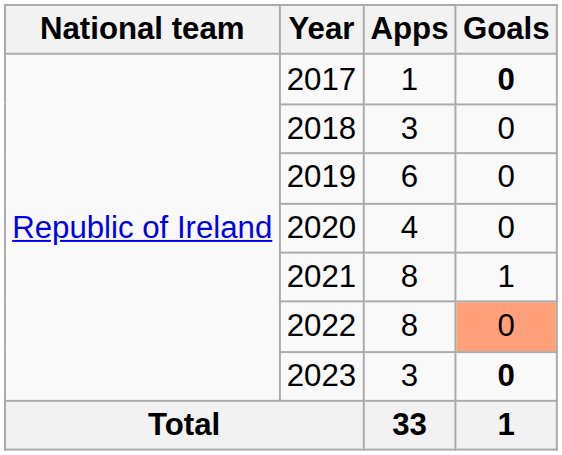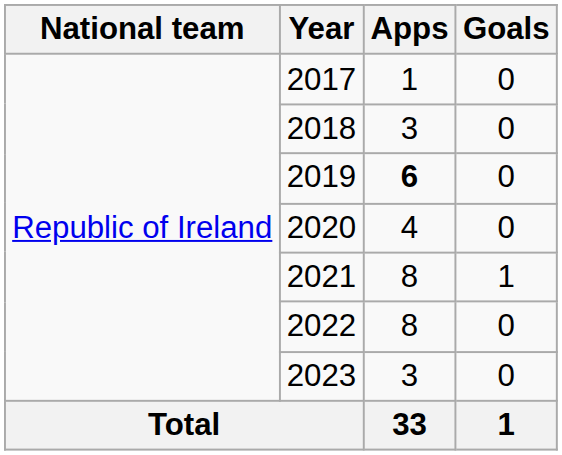 <table class="sortable wikitable" style="text-align:center">
 <tr>
 <th scope="col">National team</th>
 <th scope="col">Year</th>
 <th !scope="col">Apps</th>
 <th !scope="col">Goals</th>
 </tr>
 <tr>
 <td rowspan="7"><a href='#'>Republic of Ireland</a></td>
 <td scope="row">2017</td>
 <td>1</td>
-<td><strong>0</strong></td>
+<td>0</td>
 </tr>
 <tr>
 <td scope="row">2018</td>
 <td>3</td>
 <td>0</td>
 </tr>
 <tr>
 <td scope="row">2019</td>
-<td>6</td>
+<td><strong>6</strong></td>
 <td>0</td>
 </tr>
 <tr>
 <td scope="row">2020</td>
 <td>4</td>
 <td>0</td>
 </tr>
 <tr>
 <td scope="row">2021</td>
 <td>8</td>
 <td>1</td>
 </tr>
 <tr>
 <td scope="row">2022</td>
 <td>8</td>
-<td style="background: lightsalmon;">0</td>
+<td>0</td>
 </tr>
 <tr>
 <td scope="row">2023</td>
 <td>3</td>
-<td><strong>0</strong></td>
+<td>0</td>
 </tr>
 <tr>
 <th colspan="2">Total</th>
 <th>33</th>
 <th>1</th>
 </tr>
 </table>
